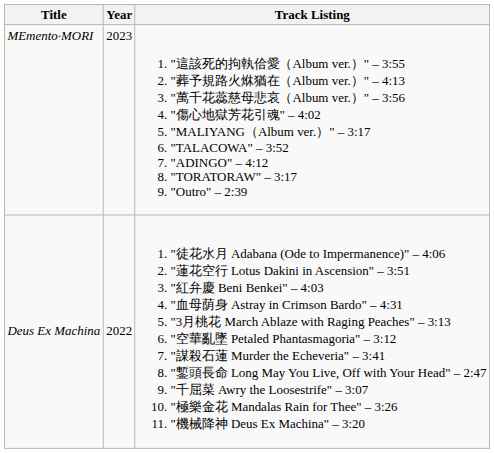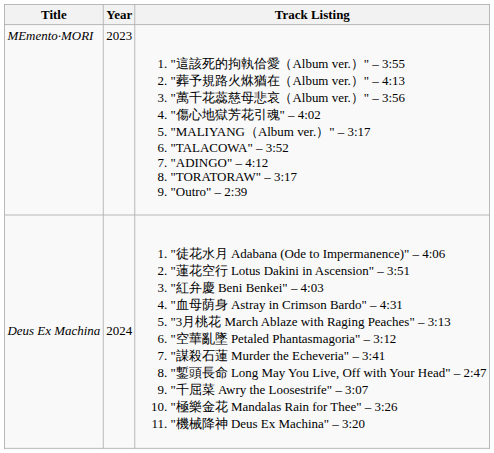 <table class="wikitable">
 <tr>
 <th>Title</th>
 <th>Year</th>
 <th>Track Listing</th>
 </tr>
 <tr valign="top">
 <td><em>MEmento·MORI</em></td>
 <td>2023</td>
 <td><br><ol><li>"這該死的拘執佮愛（Album ver.）" – 3:55</li><li>"葬予規路火烌猶在（Album ver.）" – 4:13</li><li>"萬千花蕊慈母悲哀（Album ver.）" – 3:56</li><li>"傷心地獄芳花引魂" – 4:02</li><li>"MALIYANG（Album ver.）" – 3:17</li><li>"TALACOWA" – 3:52</li><li>"ADINGO" – 4:12</li><li>"TORATORAW" – 3:17</li><li>"Outro" – 2:39</li></ol></td>
 </tr>
 <tr>
 <td><em>Deus Ex Machina</em></td>
-<td>2022</td>
+<td>2024</td>
 <td><br><ol><li>"徒花水月 Adabana (Ode to Impermanence)" – 4:06</li><li>"蓮花空行 Lotus Dakini in Ascension" – 3:51</li><li>"紅弁慶 Beni Benkei" – 4:03</li><li>"血母荫身 Astray in Crimson Bardo" – 4:31</li><li>"3月桃花 March Ablaze with Raging Peaches" – 3:13</li><li>"空華亂墜 Petaled Phantasmagoria" – 3:12</li><li>"謀殺石蓮 Murder the Echeveria" – 3:41</li><li>"鏨頭長命 Long May You Live, Off with Your Head" – 2:47</li><li>"千屈菜 Awry the Loosestrife" – 3:07</li><li>"極樂金花 Mandalas Rain for Thee" – 3:26</li><li>"機械降神 Deus Ex Machina" – 3:20</li></ol></td>
 </tr>
 </table>
